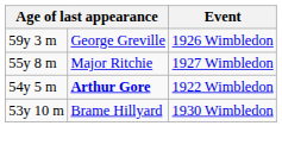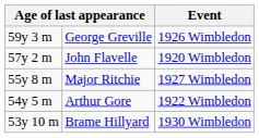 <table class=wikitable style="display:inline-table;">
 <tr>
 <th scope="col" colspan=2>Age of last appearance</th>
 <th scope="col">Event</th>
 </tr>
 <tr>
 <td>59y 3 m</td>
 <td> <a href='#'>George Greville</a></td>
 <td><a href='#'>1926 Wimbledon</a></td>
 </tr>
 <tr>
+<td>57y 2 m</td>
+<td> <a href='#'>John Flavelle</a></td>
+<td><a href='#'>1920 Wimbledon</a></td>
+</tr>
+<tr>
 <td>55y 8 m</td>
 <td> <a href='#'>Major Ritchie</a></td>
 <td><a href='#'>1927 Wimbledon</a></td>
 </tr>
 <tr>
 <td>54y 5 m</td>
-<td><strong> <a href='#'>Arthur Gore</a></strong></td>
+<td> <a href='#'>Arthur Gore</a></td>
 <td><a href='#'>1922 Wimbledon</a></td>
 </tr>
 <tr>
 <td>53y 10 m</td>
 <td> <a href='#'>Brame Hillyard</a></td>
 <td><a href='#'>1930 Wimbledon</a></td>
 </tr>
 </table>
